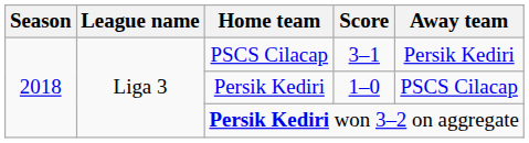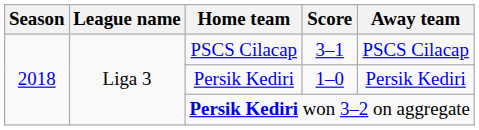 <table class="wikitable" style="text-align:center;">
 <tr>
 <th>Season</th>
 <th>League name</th>
 <th>Home team</th>
 <th>Score</th>
 <th>Away team</th>
 </tr>
 <tr>
 <td rowspan=3><a href='#'>2018</a></td>
 <td rowspan=3>Liga 3</td>
 <td><a href='#'>PSCS Cilacap</a></td>
 <td><a href='#'>3–1</a></td>
-<td><a href='#'>Persik Kediri</a></td>
+<td><a href='#'>PSCS Cilacap</a></td>
 </tr>
 <tr>
 <td><a href='#'>Persik Kediri</a></td>
 <td><a href='#'>1–0</a></td>
-<td><a href='#'>PSCS Cilacap</a></td>
+<td><a href='#'>Persik Kediri</a></td>
 </tr>
 <tr>
 <td colspan=3><strong><a href='#'>Persik Kediri</a></strong> won <a href='#'>3–2</a> on aggregate</td>
 </tr>
 </table>
